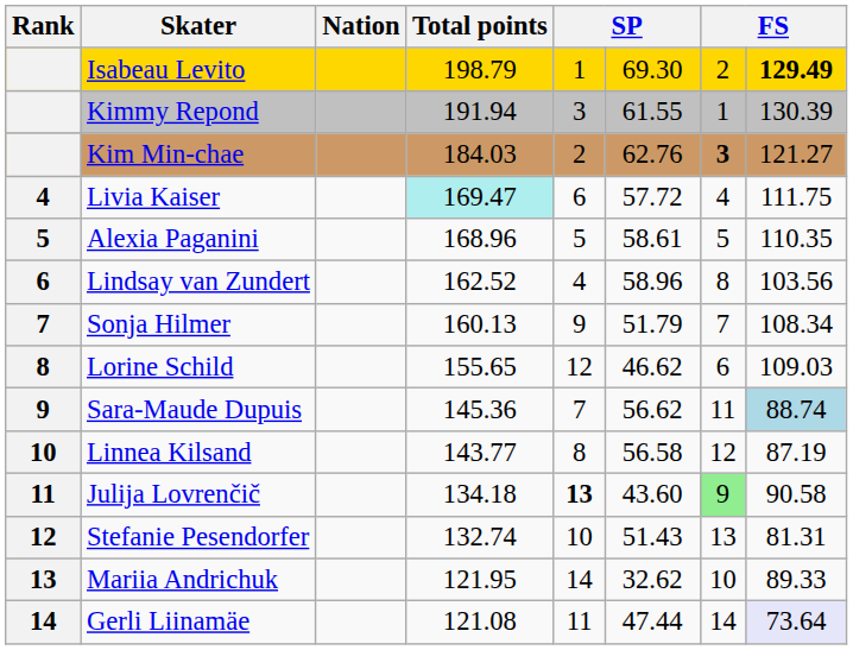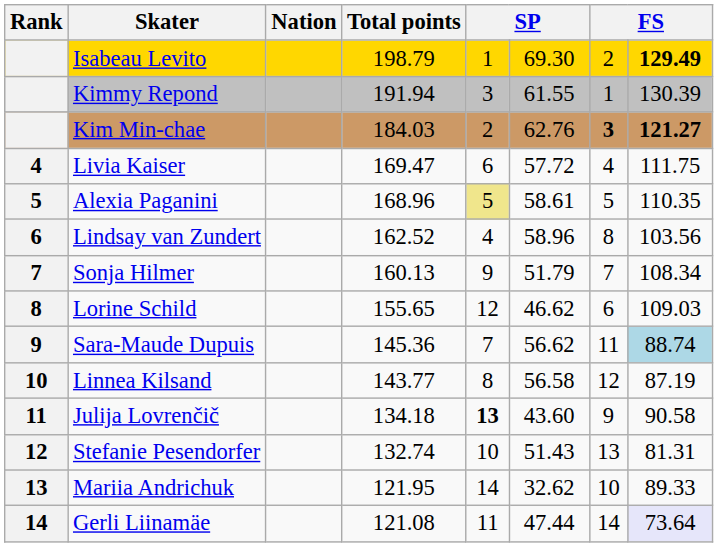 <table class="wikitable sortable" style="text-align:left">
 <tr>
 <th scope="col">Rank</th>
 <th scope="col">Skater</th>
 <th scope="col">Nation</th>
 <th scope="col">Total points</th>
 <th scope="col" colspan="2" width="80px"><a href='#'>SP</a></th>
 <th scope="col" colspan="2" width="80px"><a href='#'>FS</a></th>
 </tr>
 <tr bgcolor="gold">
 <th scope="row"></th>
 <td><a href='#'>Isabeau Levito</a></td>
 <td></td>
 <td align="center">198.79</td>
 <td align="center">1</td>
 <td align="center">69.30</td>
 <td align="center">2</td>
 <td align="center"><strong>129.49</strong></td>
 </tr>
 <tr bgcolor="silver">
 <th scope="row"></th>
 <td><a href='#'>Kimmy Repond</a></td>
 <td></td>
 <td align="center">191.94</td>
 <td align="center">3</td>
 <td align="center">61.55</td>
 <td align="center">1</td>
 <td align="center">130.39</td>
 </tr>
 <tr bgcolor="cc9966">
 <th scope="row"></th>
 <td><a href='#'>Kim Min-chae</a></td>
 <td></td>
 <td align="center">184.03</td>
 <td align="center">2</td>
 <td align="center">62.76</td>
 <td align="center"><strong>3</strong></td>
-<td align="center">121.27</td>
+<td align="center"><strong>121.27</strong></td>
 </tr>
 <tr>
 <th scope="row">4</th>
 <td><a href='#'>Livia Kaiser</a></td>
 <td></td>
-<td align="center" style="background: paleturquoise;">169.47</td>
+<td align="center">169.47</td>
 <td align="center">6</td>
 <td align="center">57.72</td>
 <td align="center">4</td>
 <td align="center">111.75</td>
 </tr>
 <tr>
 <th scope="row">5</th>
 <td><a href='#'>Alexia Paganini</a></td>
 <td></td>
 <td align="center">168.96</td>
-<td align="center">5</td>
+<td align="center" style="background: khaki;">5</td>
 <td align="center">58.61</td>
 <td align="center">5</td>
 <td align="center">110.35</td>
 </tr>
 <tr>
 <th scope="row">6</th>
 <td><a href='#'>Lindsay van Zundert</a></td>
 <td></td>
 <td align="center">162.52</td>
 <td align="center">4</td>
 <td align="center">58.96</td>
 <td align="center">8</td>
 <td align="center">103.56</td>
 </tr>
 <tr>
 <th scope="row">7</th>
 <td><a href='#'>Sonja Hilmer</a></td>
 <td></td>
 <td align="center">160.13</td>
 <td align="center">9</td>
 <td align="center">51.79</td>
 <td align="center">7</td>
 <td align="center">108.34</td>
 </tr>
 <tr>
 <th scope="row">8</th>
 <td><a href='#'>Lorine Schild</a></td>
 <td></td>
 <td align="center">155.65</td>
 <td align="center">12</td>
 <td align="center">46.62</td>
 <td align="center">6</td>
 <td align="center">109.03</td>
 </tr>
 <tr>
 <th scope="row">9</th>
 <td><a href='#'>Sara-Maude Dupuis</a></td>
 <td></td>
 <td align="center">145.36</td>
 <td align="center">7</td>
 <td align="center">56.62</td>
 <td align="center">11</td>
 <td align="center" style="background: lightblue;">88.74</td>
 </tr>
 <tr>
 <th scope="row">10</th>
 <td><a href='#'>Linnea Kilsand</a></td>
 <td></td>
 <td align="center">143.77</td>
 <td align="center">8</td>
 <td align="center">56.58</td>
 <td align="center">12</td>
 <td align="center">87.19</td>
 </tr>
 <tr>
 <th scope="row">11</th>
 <td><a href='#'>Julija Lovrenčič</a></td>
 <td></td>
 <td align="center">134.18</td>
 <td align="center"><strong>13</strong></td>
 <td align="center">43.60</td>
-<td align="center" style="background: lightgreen;">9</td>
+<td align="center">9</td>
 <td align="center">90.58</td>
 </tr>
 <tr>
 <th scope="row">12</th>
 <td><a href='#'>Stefanie Pesendorfer</a></td>
 <td></td>
 <td align="center">132.74</td>
 <td align="center">10</td>
 <td align="center">51.43</td>
 <td align="center">13</td>
 <td align="center">81.31</td>
 </tr>
 <tr>
 <th scope="row">13</th>
 <td><a href='#'>Mariia Andrichuk</a></td>
 <td></td>
 <td align="center">121.95</td>
 <td align="center">14</td>
 <td align="center">32.62</td>
 <td align="center">10</td>
 <td align="center">89.33</td>
 </tr>
 <tr>
 <th scope="row">14</th>
 <td><a href='#'>Gerli Liinamäe</a></td>
 <td></td>
 <td align="center">121.08</td>
 <td align="center">11</td>
 <td align="center">47.44</td>
 <td align="center">14</td>
 <td align="center" style="background: lavender;">73.64</td>
 </tr>
 </table>
